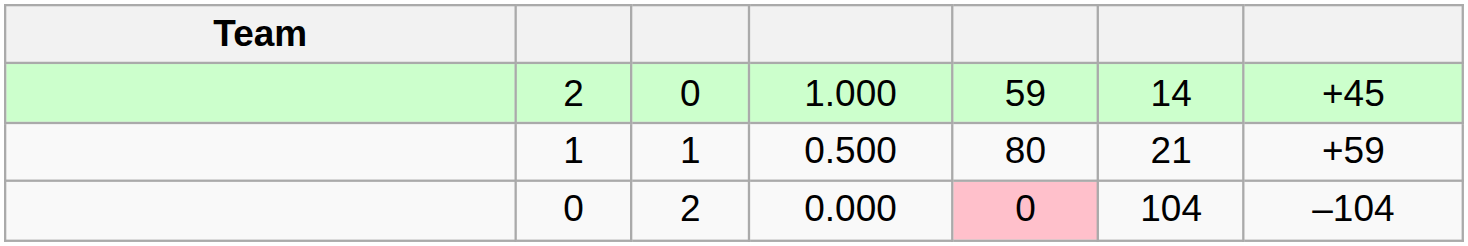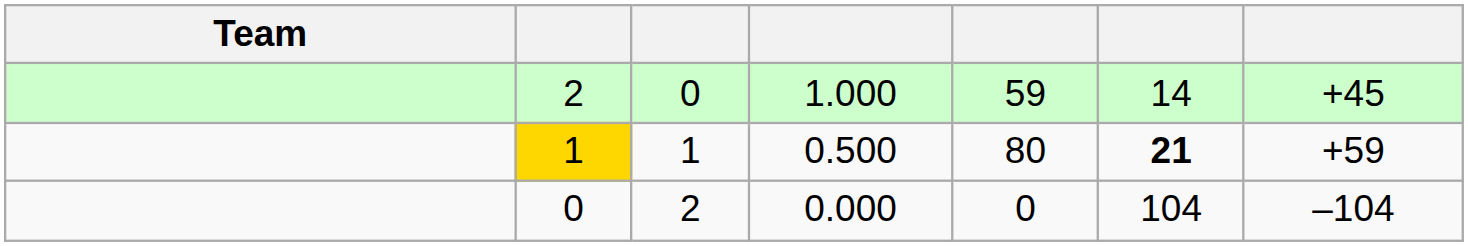 <table class="wikitable" style="text-align:center; width:50%">
 <tr>
 <th width="35%">Team</th>
 <th width="8%"></th>
 <th width="8%"></th>
 <th width="14%"></th>
 <th width="10%"></th>
 <th width="10%"></th>
 <th width="15%"></th>
 </tr>
 <tr style="background:#CCFFCC;">
 <td style="text-align:left;"></td>
 <td>2</td>
 <td>0</td>
 <td>1.000</td>
 <td>59</td>
 <td>14</td>
 <td>+45</td>
 </tr>
 <tr>
 <td style="text-align:left;"></td>
-<td>1</td>
+<td style="background: gold;">1</td>
 <td>1</td>
 <td>0.500</td>
 <td>80</td>
-<td>21</td>
+<td><strong>21</strong></td>
 <td>+59</td>
 </tr>
 <tr>
 <td style="text-align:left;"></td>
 <td>0</td>
 <td>2</td>
 <td>0.000</td>
-<td style="background: pink;">0</td>
+<td>0</td>
 <td>104</td>
 <td>–104</td>
 </tr>
 </table>
